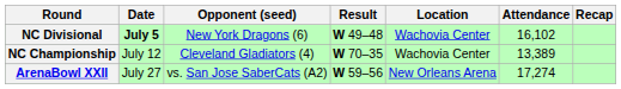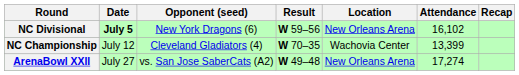 <table class="wikitable" style="text-align:center">
 <tr>
 <th>Round</th>
 <th>Date</th>
 <th>Opponent (seed)</th>
 <th>Result</th>
 <th>Location</th>
 <th>Attendance</th>
 <th>Recap</th>
 </tr>
 <tr bgcolor="#bbffbb">
 <th>NC Divisional</th>
 <td><strong>July 5</strong></td>
 <td><a href='#'>New York Dragons</a> (6)</td>
-<td><strong>W</strong> 49–48</td>
-<td><a href='#'>Wachovia Center</a></td>
+<td><strong>W</strong> 59–56</td>
+<td><a href='#'>New Orleans Arena</a></td>
 <td>16,102</td>
 <td></td>
 </tr>
 <tr bgcolor="bbffbb">
 <th>NC Championship</th>
 <td>July 12</td>
 <td><a href='#'>Cleveland Gladiators</a> (4)</td>
 <td><strong>W</strong> 70–35</td>
 <td>Wachovia Center</td>
-<td>13,389</td>
+<td>13,399</td>
 <td></td>
 </tr>
 <tr bgcolor="#bbffbb">
 <th><a href='#'>ArenaBowl XXII</a></th>
 <td>July 27</td>
 <td>vs. <a href='#'>San Jose SaberCats</a> (A2)</td>
-<td><strong>W</strong> 59–56</td>
+<td><strong>W</strong> 49–48</td>
 <td><a href='#'>New Orleans Arena</a></td>
 <td>17,274</td>
 <td></td>
 </tr>
 </table>
